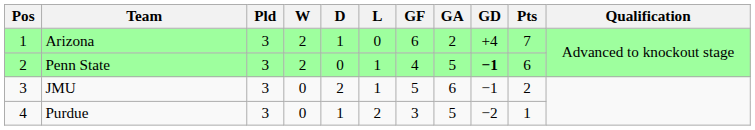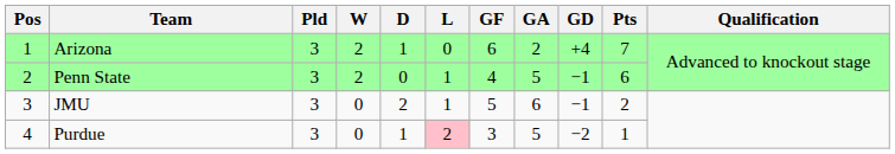 <table class="wikitable" style="text-align:center; margin: 1em auto">
 <tr>
 <th style="width:2em">Pos</th>
 <th style="width:13em">Team</th>
 <th style="width:2em">Pld</th>
 <th style="width:2em">W</th>
 <th style="width:2em">D</th>
 <th style="width:2em">L</th>
 <th style="width:2em">GF</th>
 <th style="width:2em">GA</th>
 <th style="width:2em">GD</th>
 <th style="width:2em">Pts</th>
 <th style="width:13em">Qualification</th>
 </tr>
 <tr bgcolor="#9eff9e">
 <td>1</td>
 <td style="text-align:left">Arizona</td>
 <td>3</td>
 <td>2</td>
 <td>1</td>
 <td>0</td>
 <td>6</td>
 <td>2</td>
 <td>+4</td>
 <td>7</td>
 <td rowspan="2">Advanced to knockout stage</td>
 </tr>
 <tr bgcolor="#9eff9e">
 <td>2</td>
 <td style="text-align:left">Penn State</td>
 <td>3</td>
 <td>2</td>
 <td>0</td>
 <td>1</td>
 <td>4</td>
 <td>5</td>
-<td><strong>−1</strong></td>
+<td>−1</td>
 <td>6</td>
 </tr>
 <tr>
 <td>3</td>
 <td style="text-align:left">JMU</td>
 <td>3</td>
 <td>0</td>
 <td>2</td>
 <td>1</td>
 <td>5</td>
 <td>6</td>
 <td>−1</td>
 <td>2</td>
 <td rowspan="2"></td>
 </tr>
 <tr>
 <td>4</td>
 <td style="text-align:left">Purdue</td>
 <td>3</td>
 <td>0</td>
 <td>1</td>
-<td>2</td>
+<td style="background: pink;">2</td>
 <td>3</td>
 <td>5</td>
 <td>−2</td>
 <td>1</td>
 </tr>
 </table>
